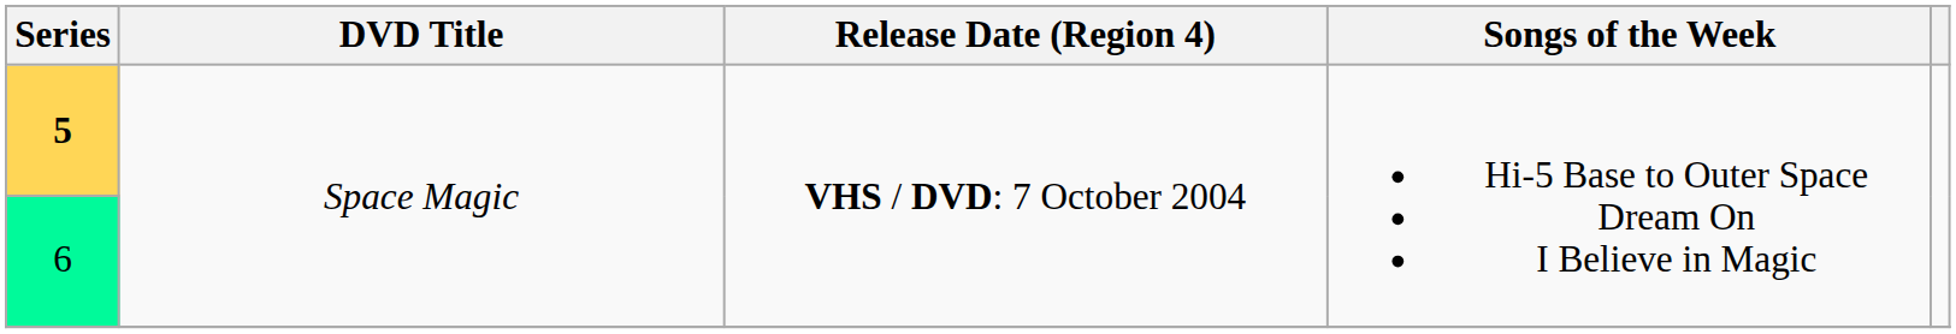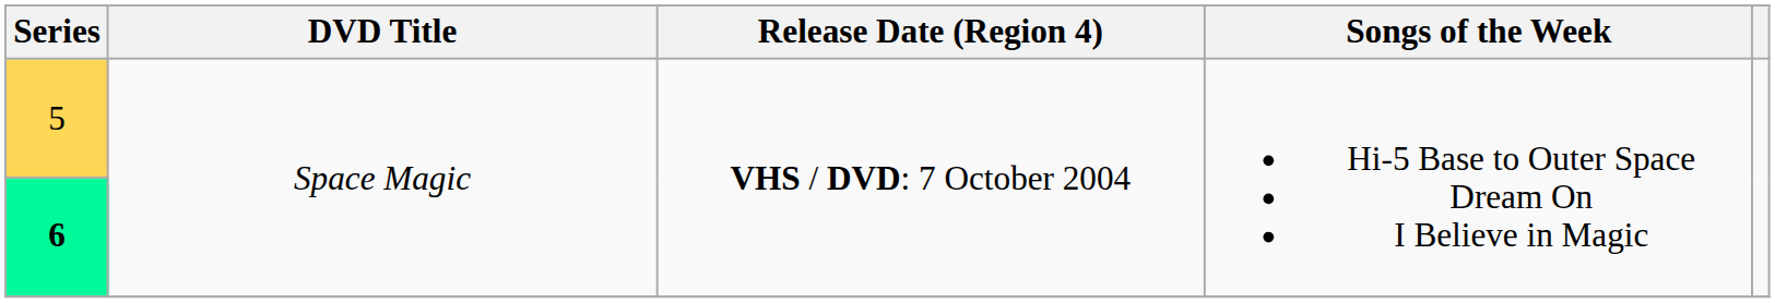 <table class="wikitable">
 <tr>
 <th>Series</th>
 <th style="width: 250px;">DVD Title</th>
 <th style="width: 250px;">Release Date (Region 4)</th>
 <th style="width: 250px;">Songs of the Week</th>
 <th scope="col" class="unsortable"></th>
 </tr>
 <tr>
-<td style="background:#FFD656; height:10px; text-align:center"><strong>5</strong></td>
+<td style="background:#FFD656; height:10px; text-align:center">5</td>
 <td rowspan=2, style="text-align:center"><em>Space Magic</em></td>
 <td rowspan=2, style="text-align:center"><strong>VHS</strong> / <strong>DVD</strong>: 7 October 2004</td>
 <td rowspan=2, style="text-align:center"><br><ul><li>Hi-5 Base to Outer Space</li><li>Dream On</li><li>I Believe in Magic</li></ul></td>
 <td style="text-align:center;" rowspan=2></td>
 </tr>
 <tr>
-<td style="background:#00FA9A; height:10px; text-align:center">6</td>
+<td style="background:#00FA9A; height:10px; text-align:center"><strong>6</strong></td>
 </tr>
 <tr>
 </tr>
 </table>
